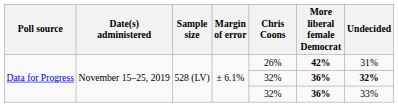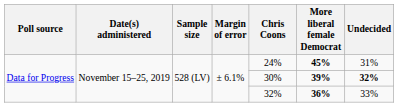 <table class="wikitable" style="font-size:90%;text-align:center;">
 <tr>
 <th>Poll source</th>
 <th>Date(s)<br>administered</th>
 <th>Sample<br>size</th>
 <th>Margin<br>of error</th>
 <th style="width:65px;">Chris<br>Coons</th>
 <th style="width:65px;">More liberal<br>female Democrat</th>
 <th>Undecided</th>
 </tr>
 <tr>
 <td rowspan="3"><a href='#'>Data for Progress</a></td>
 <td rowspan="3">November 15–25, 2019</td>
 <td rowspan="3">528 (LV)</td>
 <td rowspan="3">± 6.1%</td>
-<td>26%</td>
-<td><strong>42%</strong></td>
+<td>24%</td>
+<td><strong>45%</strong></td>
 <td>31%</td>
 </tr>
 <tr>
-<td>32%</td>
-<td><strong>36%</strong></td>
+<td>30%</td>
+<td><strong>39%</strong></td>
 <td><strong>32%</strong></td>
 </tr>
 <tr>
 <td>32%</td>
 <td><strong>36%</strong></td>
 <td>33%</td>
 </tr>
 </table>
